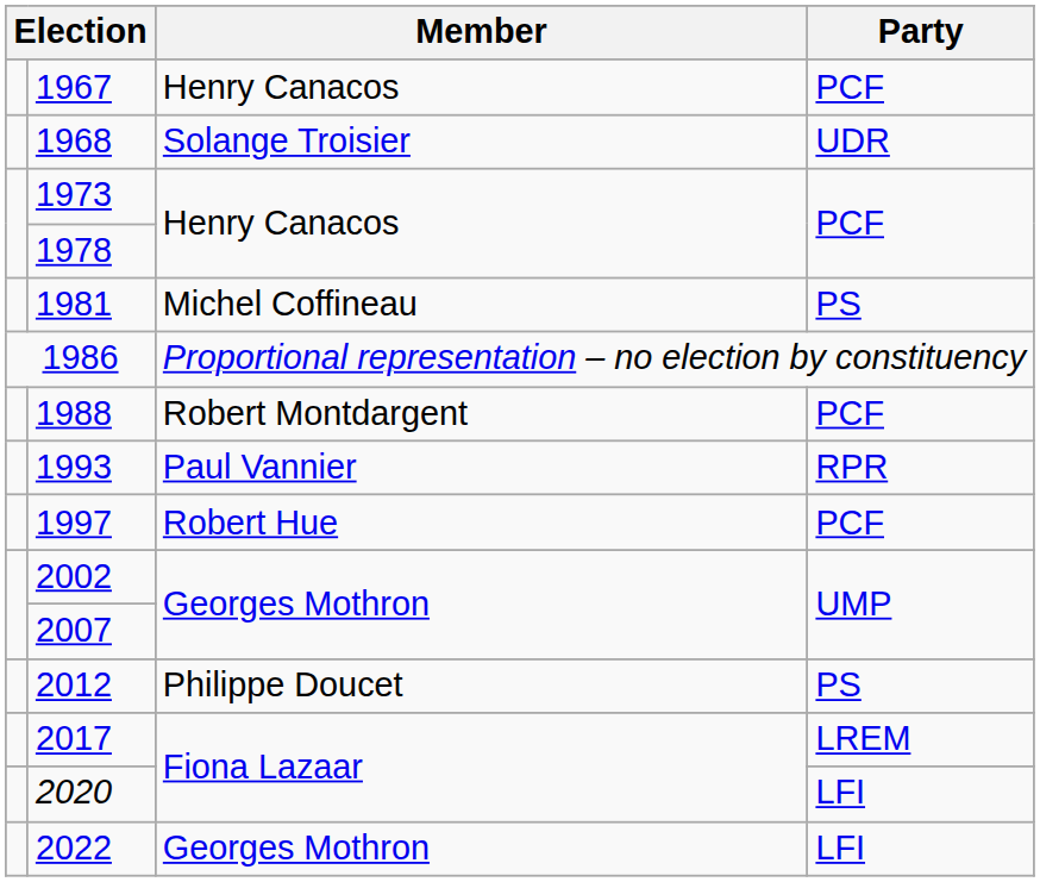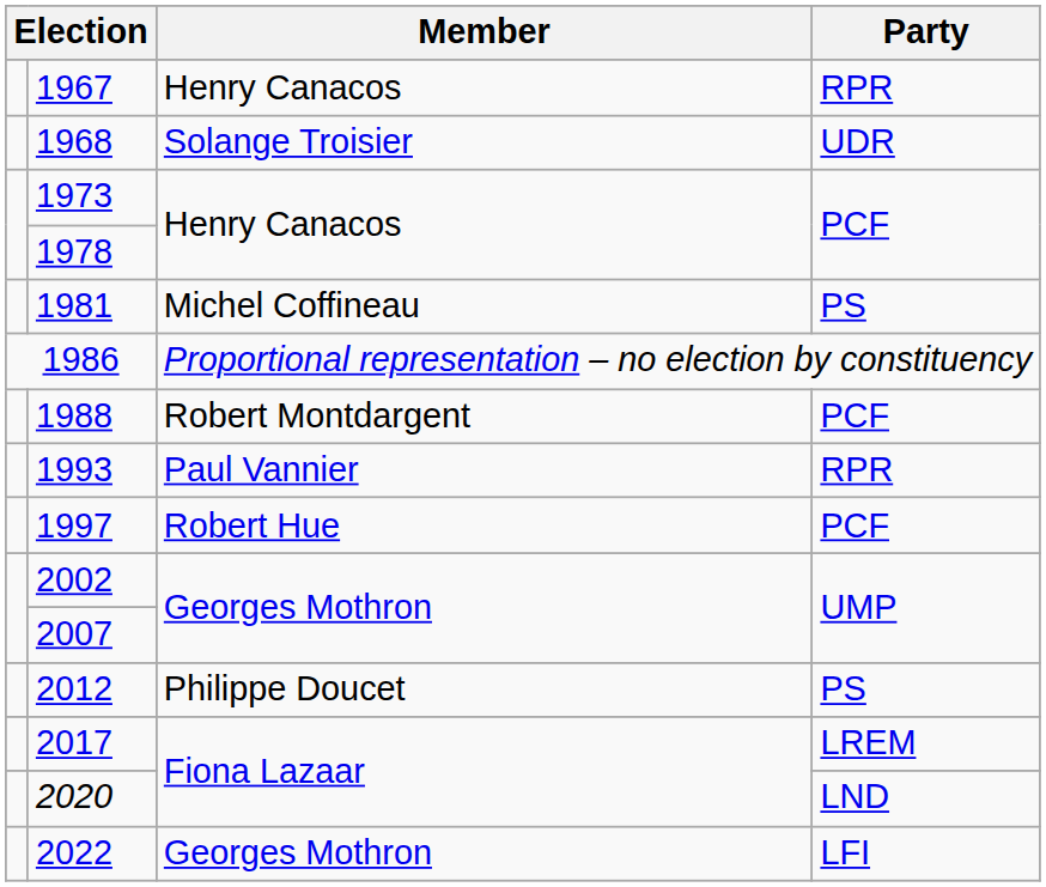 <table class="wikitable">
 <tr>
 <th colspan="2">Election</th>
 <th>Member</th>
 <th>Party</th>
 </tr>
 <tr>
 <td style="color:inherit;background-color: "></td>
 <td><a href='#'>1967</a></td>
 <td>Henry Canacos</td>
-<td><a href='#'>PCF</a></td>
+<td><a href='#'>RPR</a></td>
 </tr>
 <tr>
 <td style="color:inherit;background-color: "></td>
 <td><a href='#'>1968</a></td>
 <td><a href='#'>Solange Troisier</a></td>
 <td><a href='#'>UDR</a></td>
 </tr>
 <tr>
 <td rowspan="2" style="color:inherit;background-color: "></td>
 <td><a href='#'>1973</a></td>
 <td rowspan="2">Henry Canacos</td>
 <td rowspan="2"><a href='#'>PCF</a></td>
 </tr>
 <tr>
 <td><a href='#'>1978</a></td>
 </tr>
 <tr>
 <td style="color:inherit;background-color: "></td>
 <td><a href='#'>1981</a></td>
 <td>Michel Coffineau</td>
 <td><a href='#'>PS</a></td>
 </tr>
 <tr>
 <td colspan="2" align="center"><a href='#'>1986</a></td>
 <td colspan="2"><em><a href='#'>Proportional representation</a> – no election by constituency</em></td>
 </tr>
 <tr>
 <td style="color:inherit;background-color: "></td>
 <td><a href='#'>1988</a></td>
 <td>Robert Montdargent</td>
 <td><a href='#'>PCF</a></td>
 </tr>
 <tr>
 <td style="color:inherit;background-color: "></td>
 <td><a href='#'>1993</a></td>
 <td><a href='#'>Paul Vannier</a></td>
 <td><a href='#'>RPR</a></td>
 </tr>
 <tr>
 <td style="color:inherit;background-color: "></td>
 <td><a href='#'>1997</a></td>
 <td><a href='#'>Robert Hue</a></td>
 <td><a href='#'>PCF</a></td>
 </tr>
 <tr>
 <td rowspan="2" style="color:inherit;background-color: "></td>
 <td><a href='#'>2002</a></td>
 <td rowspan="2"><a href='#'>Georges Mothron</a></td>
 <td rowspan="2"><a href='#'>UMP</a></td>
 </tr>
 <tr>
 <td><a href='#'>2007</a></td>
 </tr>
 <tr>
 <td style="color:inherit;background-color: "></td>
 <td><a href='#'>2012</a></td>
 <td>Philippe Doucet</td>
 <td><a href='#'>PS</a></td>
 </tr>
 <tr>
 <td style="color:inherit;background-color: "></td>
 <td><a href='#'>2017</a></td>
 <td rowspan="2"><a href='#'>Fiona Lazaar</a></td>
 <td><a href='#'>LREM</a></td>
 </tr>
 <tr>
 <td style="color:inherit;background-color: "></td>
 <td><em>2020</em></td>
-<td><a href='#'>LFI</a></td>
+<td><a href='#'>LND</a></td>
 </tr>
 <tr>
 <td style="color:inherit;background-color: "></td>
 <td><a href='#'>2022</a></td>
 <td><a href='#'>Georges Mothron</a></td>
 <td><a href='#'>LFI</a></td>
 </tr>
 </table>
